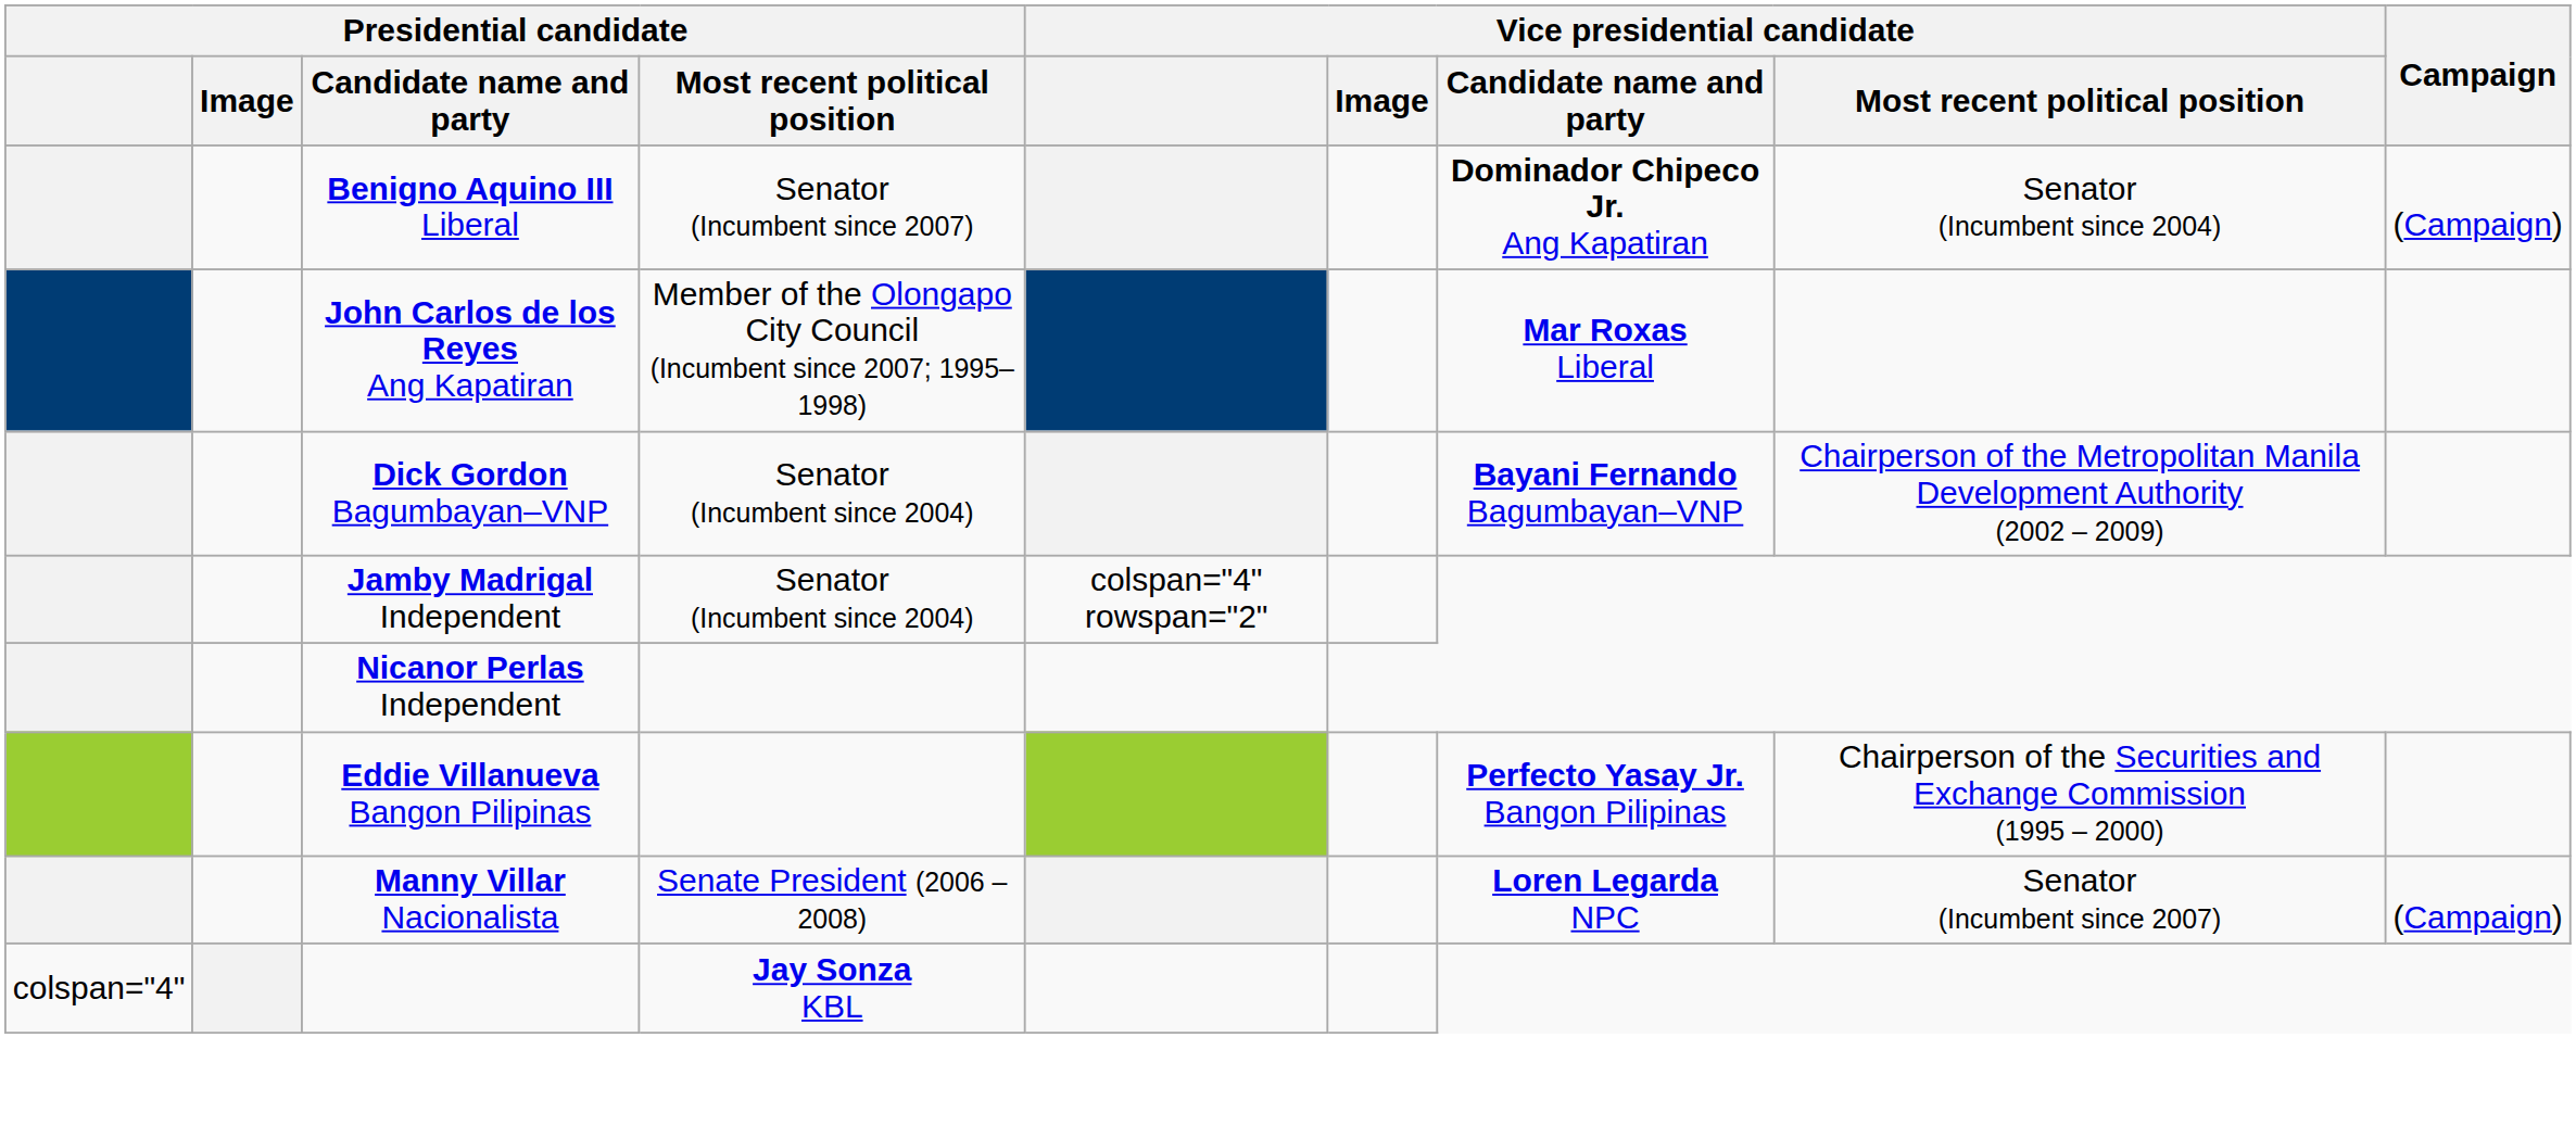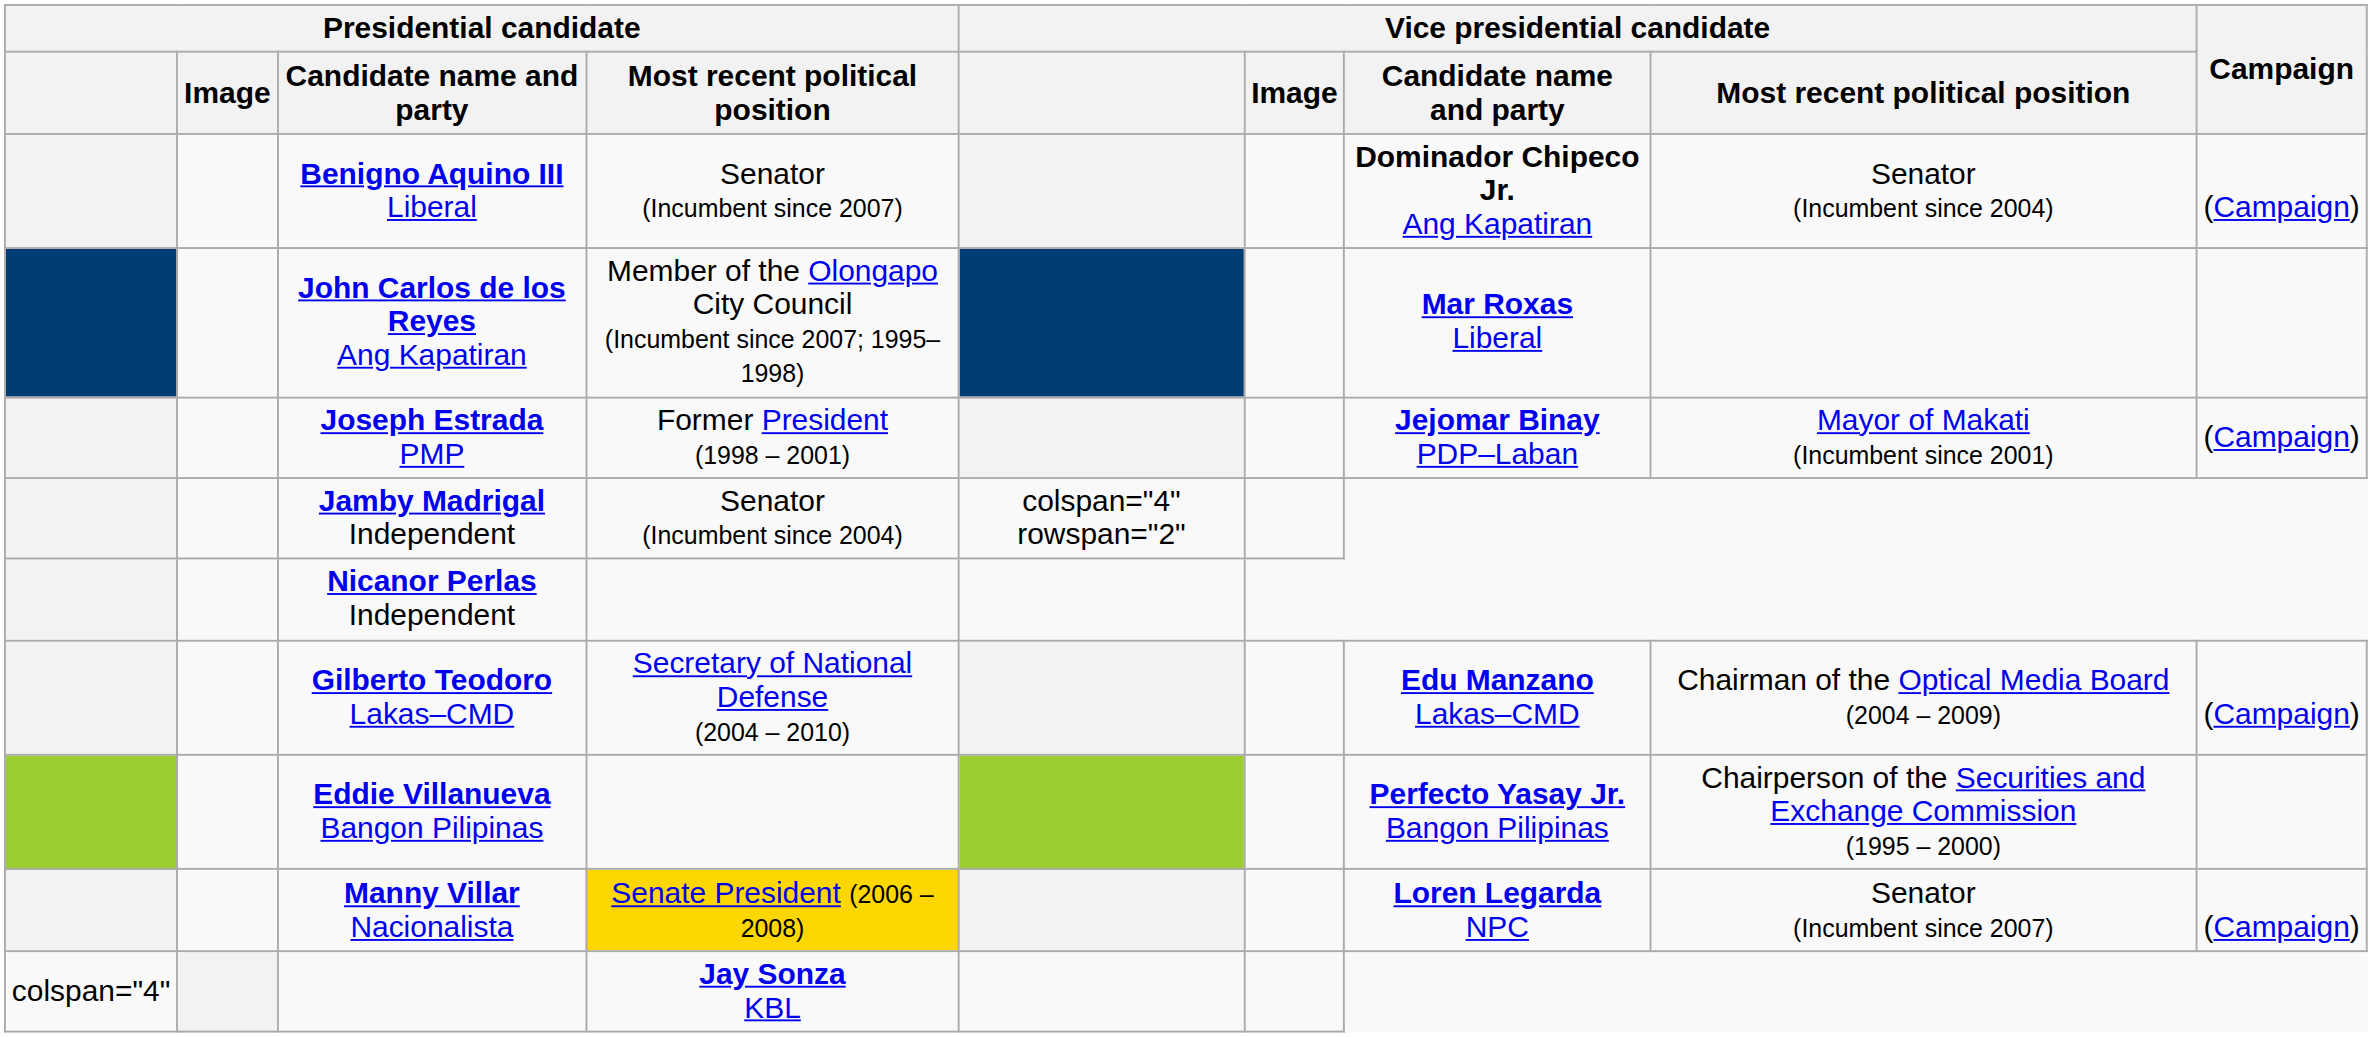 <table class="wikitable" style="margin-left: auto; margin-right: auto; border: none; text-align:center;font-size:100%;">
 <tr>
 <th colspan="4">Presidential candidate</th>
 <th colspan="4">Vice presidential candidate</th>
 <th rowspan="2">Campaign</th>
 </tr>
 <tr>
 <th></th>
 <th>Image</th>
 <th>Candidate name and party</th>
 <th>Most recent political position</th>
 <th></th>
 <th>Image</th>
 <th>Candidate name and party</th>
 <th>Most recent political position</th>
 </tr>
 <tr>
 <th style="background:"></th>
 <td></td>
 <td><strong><a href='#'>Benigno Aquino III</a></strong> <br><a href='#'>Liberal</a></td>
 <td>Senator<br><small>(Incumbent since 2007)</small></td>
 <th style="background:"></th>
 <td></td>
 <td><strong>Dominador Chipeco Jr.</strong><br><a href='#'>Ang Kapatiran</a></td>
 <td>Senator<br><small>(Incumbent since 2004)</small></td>
 <td><br>(<a href='#'>Campaign</a>)</td>
 </tr>
 <tr>
 <th style="background:#003C74"></th>
 <td></td>
 <td><strong><a href='#'>John Carlos de los Reyes</a></strong><br><a href='#'>Ang Kapatiran</a></td>
 <td>Member of the <a href='#'>Olongapo</a> City Council<br><small>(Incumbent since 2007; 1995–1998)</small></td>
 <th style="background:#003C74"></th>
 <td></td>
 <td><strong><a href='#'>Mar Roxas</a></strong><br><a href='#'>Liberal</a></td>
 <td></td>
 <td></td>
 </tr>
 <tr>
 <th style="background:"></th>
 <td></td>
-<td><strong><a href='#'>Dick Gordon</a></strong><br><a href='#'>Bagumbayan–VNP</a></td>
-<td>Senator<br><small>(Incumbent since 2004)</small></td>
+<td><strong><a href='#'>Joseph Estrada</a></strong><br><a href='#'>PMP</a></td>
+<td>Former <a href='#'>President</a><br><small>(1998 – 2001)</small></td>
 <th style="background:"></th>
 <td></td>
-<td><strong><a href='#'>Bayani Fernando</a></strong><br><a href='#'>Bagumbayan–VNP</a></td>
-<td><a href='#'>Chairperson of the Metropolitan Manila Development Authority</a><br><small>(2002 – 2009)</small></td>
-<td></td>
+<td><strong><a href='#'>Jejomar Binay</a></strong><br><a href='#'>PDP–Laban</a></td>
+<td><a href='#'>Mayor of Makati</a><br><small>(Incumbent since 2001)</small></td>
+<td>(<a href='#'>Campaign</a>)</td>
 </tr>
 <tr>
 <th></th>
 <td></td>
 <td><strong><a href='#'>Jamby Madrigal</a></strong><br>Independent</td>
 <td>Senator<br><small>(Incumbent since 2004)</small></td>
 <td>colspan="4" rowspan="2" </td>
 <td></td>
 </tr>
 <tr>
 <th></th>
 <td></td>
 <td><strong><a href='#'>Nicanor Perlas</a></strong><br>Independent</td>
 <td></td>
 <td></td>
 </tr>
 <tr>
+<th style="background:"></th>
+<td></td>
+<td><a href='#'><strong>Gilberto Teodoro</strong></a><br><a href='#'>Lakas–CMD</a></td>
+<td><a href='#'>Secretary of National Defense</a><br><small>(2004 – 2010)</small></td>
+<th style="background:"></th>
+<td></td>
+<td><strong><a href='#'>Edu Manzano</a></strong><br><a href='#'>Lakas–CMD</a></td>
+<td>Chairman of the <a href='#'>Optical Media Board</a> <small>(2004 – 2009)</small></td>
+<td><br>(<a href='#'>Campaign</a>)</td>
+</tr>
+<tr>
 <th style="background:#9ACD32"></th>
 <td></td>
 <td><strong><a href='#'>Eddie Villanueva</a></strong><br><a href='#'>Bangon Pilipinas</a></td>
 <td></td>
 <th style="background:#9ACD32"></th>
 <td></td>
 <td><strong><a href='#'>Perfecto Yasay Jr.</a></strong><br><a href='#'>Bangon Pilipinas</a></td>
 <td>Chairperson of the <a href='#'>Securities and Exchange Commission</a> <br><small>(1995 – 2000)</small></td>
 <td></td>
 </tr>
 <tr>
 <th style="background:"></th>
 <td></td>
 <td><strong><a href='#'>Manny Villar</a></strong><br><a href='#'>Nacionalista</a></td>
-<td><a href='#'>Senate President</a> <small>(2006 – 2008)</small></td>
+<td style="background: gold;"><a href='#'>Senate President</a> <small>(2006 – 2008)</small></td>
 <th style="background:"></th>
 <td></td>
 <td><strong><a href='#'>Loren Legarda</a></strong><br><a href='#'>NPC</a></td>
 <td>Senator<br><small>(Incumbent since 2007)</small></td>
 <td><br>(<a href='#'>Campaign</a>)</td>
 </tr>
 <tr>
 <td>colspan="4" </td>
 <th style="background:"></th>
 <td></td>
 <td><strong><a href='#'>Jay Sonza</a></strong><br><a href='#'>KBL</a></td>
 <td></td>
 <td></td>
 </tr>
 </table>
